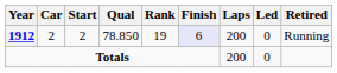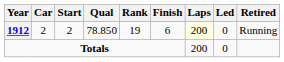 <table class="wikitable" style="text-align:center">
 <tr>
 <th>Year</th>
 <th>Car</th>
 <th>Start</th>
 <th>Qual</th>
 <th>Rank</th>
 <th>Finish</th>
 <th>Laps</th>
 <th>Led</th>
 <th>Retired</th>
 </tr>
 <tr>
 <th><a href='#'>1912</a></th>
 <td>2</td>
 <td>2</td>
 <td>78.850</td>
 <td>19</td>
-<td style="background: lavender;">6</td>
-<td>200</td>
+<td>6</td>
+<td style="background: lightyellow;">200</td>
 <td>0</td>
 <td>Running</td>
 </tr>
 <tr>
 <td colspan=6><strong>Totals</strong></td>
 <td>200</td>
 <td>0</td>
 <td></td>
 </tr>
 </table>
